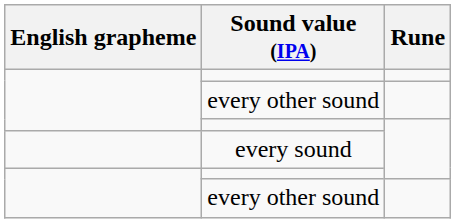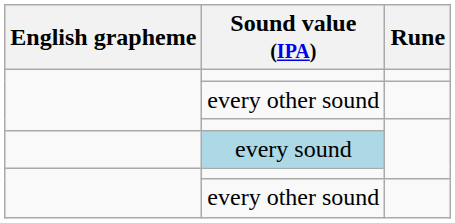 <table class="wikitable">
 <tr align="center">
 <th>English grapheme</th>
 <th>Sound value<br><small>(<a href='#'>IPA</a>)</small></th>
 <th>Rune</th>
 </tr>
 <tr align="center">
 <td rowspan="3"></td>
 <td></td>
 <td></td>
 </tr>
 <tr align="center">
 <td>every other sound</td>
 <td></td>
 </tr>
 <tr align="center">
 <td></td>
 <td rowspan=3></td>
 </tr>
 <tr align="center">
 <td></td>
-<td>every sound</td>
+<td style="background: lightblue;">every sound</td>
 </tr>
 <tr align="center">
 <td rowspan="2"></td>
 <td></td>
 </tr>
 <tr align="center">
 <td>every other sound</td>
 <td></td>
 </tr>
 </table>
